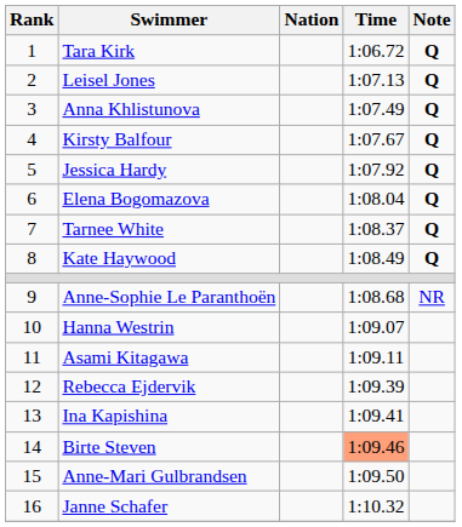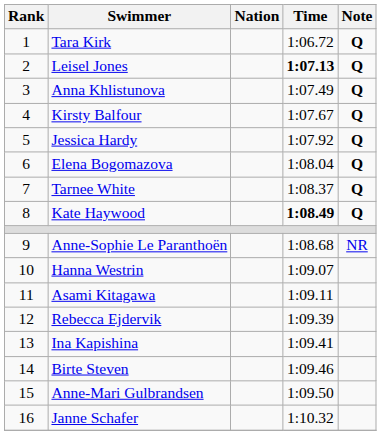 <table class="wikitable" style="text-align:center">
 <tr>
 <th>Rank</th>
 <th>Swimmer</th>
 <th>Nation</th>
 <th>Time</th>
 <th>Note</th>
 </tr>
 <tr>
 <td>1</td>
 <td align=left><a href='#'>Tara Kirk</a></td>
 <td align=left></td>
 <td>1:06.72</td>
 <td><strong>Q</strong></td>
 </tr>
 <tr>
 <td>2</td>
 <td align=left><a href='#'>Leisel Jones</a></td>
 <td align=left></td>
-<td>1:07.13</td>
+<td><strong>1:07.13</strong></td>
 <td><strong>Q</strong></td>
 </tr>
 <tr>
 <td>3</td>
 <td align=left><a href='#'>Anna Khlistunova</a></td>
 <td align=left></td>
 <td>1:07.49</td>
 <td><strong>Q</strong></td>
 </tr>
 <tr>
 <td>4</td>
 <td align=left><a href='#'>Kirsty Balfour</a></td>
 <td align=left></td>
 <td>1:07.67</td>
 <td><strong>Q</strong></td>
 </tr>
 <tr>
 <td>5</td>
 <td align=left><a href='#'>Jessica Hardy</a></td>
 <td align=left></td>
 <td>1:07.92</td>
 <td><strong>Q</strong></td>
 </tr>
 <tr>
 <td>6</td>
 <td align=left><a href='#'>Elena Bogomazova</a></td>
 <td align=left></td>
 <td>1:08.04</td>
 <td><strong>Q</strong></td>
 </tr>
 <tr>
 <td>7</td>
 <td align=left><a href='#'>Tarnee White</a></td>
 <td align=left></td>
 <td>1:08.37</td>
 <td><strong>Q</strong></td>
 </tr>
 <tr>
 <td>8</td>
 <td align=left><a href='#'>Kate Haywood</a></td>
 <td align=left></td>
-<td>1:08.49</td>
+<td><strong>1:08.49</strong></td>
 <td><strong>Q</strong></td>
 </tr>
 <tr bgcolor=#DDDDDD>
 <td colspan=5></td>
 </tr>
 <tr>
 <td>9</td>
 <td align=left><a href='#'>Anne-Sophie Le Paranthoën</a></td>
 <td align=left></td>
 <td>1:08.68</td>
 <td><a href='#'>NR</a></td>
 </tr>
 <tr>
 <td>10</td>
 <td align=left><a href='#'>Hanna Westrin</a></td>
 <td align=left></td>
 <td>1:09.07</td>
 <td></td>
 </tr>
 <tr>
 <td>11</td>
 <td align=left><a href='#'>Asami Kitagawa</a></td>
 <td align=left></td>
 <td>1:09.11</td>
 <td></td>
 </tr>
 <tr>
 <td>12</td>
 <td align=left><a href='#'>Rebecca Ejdervik</a></td>
 <td align=left></td>
 <td>1:09.39</td>
 <td></td>
 </tr>
 <tr>
 <td>13</td>
 <td align=left><a href='#'>Ina Kapishina</a></td>
 <td align=left></td>
 <td>1:09.41</td>
 <td></td>
 </tr>
 <tr>
 <td>14</td>
 <td align=left><a href='#'>Birte Steven</a></td>
 <td align=left></td>
-<td style="background: lightsalmon;">1:09.46</td>
+<td>1:09.46</td>
 <td></td>
 </tr>
 <tr>
 <td>15</td>
 <td align=left><a href='#'>Anne-Mari Gulbrandsen</a></td>
 <td align=left></td>
 <td>1:09.50</td>
 <td></td>
 </tr>
 <tr>
 <td>16</td>
 <td align=left><a href='#'>Janne Schafer</a></td>
 <td align=left></td>
 <td>1:10.32</td>
 <td></td>
 </tr>
 <tr>
 </tr>
 </table>
